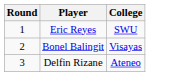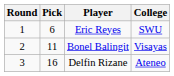 <table class="wikitable sortable sortable">
 <tr>
 <th>Round</th>
+<th>Pick</th>
 <th>Player</th>
 <th>College</th>
 </tr>
 <tr style="text-align: center">
 <td>1</td>
+<td>6</td>
 <td><a href='#'>Eric Reyes</a></td>
 <td><a href='#'>SWU</a></td>
 </tr>
 <tr style="text-align: center">
 <td>2</td>
+<td>11</td>
 <td><a href='#'>Bonel Balingit</a></td>
 <td><a href='#'>Visayas</a></td>
 </tr>
 <tr style="text-align: center">
 <td>3</td>
+<td>16</td>
 <td>Delfin Rizane</td>
 <td><a href='#'>Ateneo</a></td>
 </tr>
 </table>
